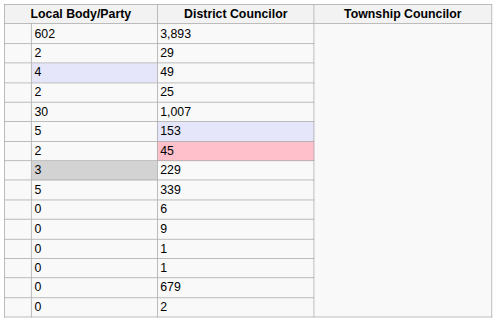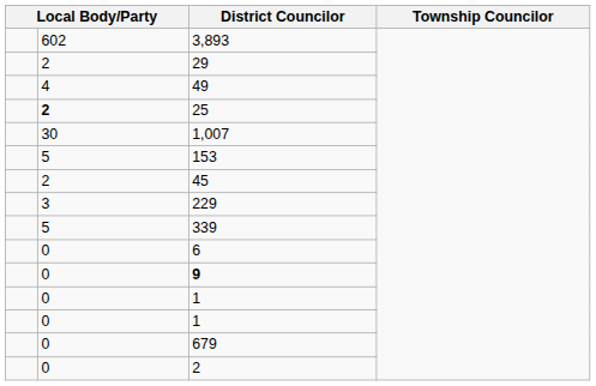 <table class="wikitable sortable" width="40%" style="font-size: x-big; font-family: arial">
 <tr>
 <th colspan="2">Local Body/Party</th>
 <th>District Councilor</th>
 <th>Township Councilor</th>
 </tr>
 <tr>
 <td></td>
 <td>602</td>
 <td>3,893</td>
 </tr>
 <tr>
 <td></td>
 <td>2</td>
 <td>29</td>
 </tr>
 <tr>
 <td></td>
-<td style="background: lavender;">4</td>
+<td>4</td>
 <td>49</td>
 </tr>
 <tr>
 <td></td>
-<td>2</td>
+<td><strong>2</strong></td>
 <td>25</td>
 </tr>
 <tr>
 <td></td>
 <td>30</td>
 <td>1,007</td>
 </tr>
 <tr>
 <td></td>
 <td>5</td>
-<td style="background: lavender;">153</td>
+<td>153</td>
 </tr>
 <tr>
 <td></td>
 <td>2</td>
-<td style="background: pink;">45</td>
+<td>45</td>
 </tr>
 <tr>
 <td></td>
-<td style="background: lightgrey;">3</td>
+<td>3</td>
 <td>229</td>
 </tr>
 <tr>
 <td></td>
 <td>5</td>
 <td>339</td>
 </tr>
 <tr>
 <td></td>
 <td>0</td>
 <td>6</td>
 </tr>
 <tr>
 <td></td>
 <td>0</td>
-<td>9</td>
+<td><strong>9</strong></td>
 </tr>
 <tr>
 <td></td>
 <td>0</td>
 <td>1</td>
 </tr>
 <tr>
 <td></td>
 <td>0</td>
 <td>1</td>
 </tr>
 <tr>
 <td></td>
 <td>0</td>
 <td>679</td>
 </tr>
 <tr>
 <td></td>
 <td>0</td>
 <td>2</td>
 </tr>
 </table>
